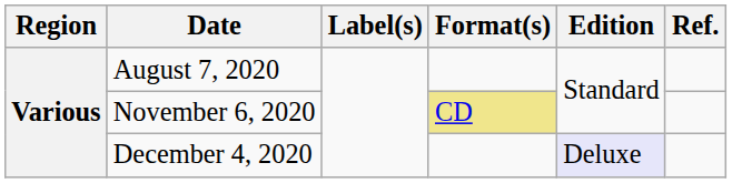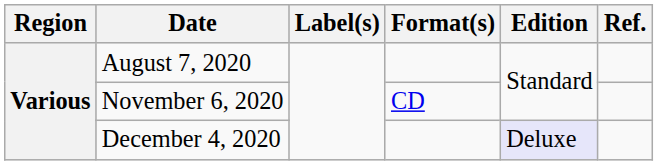 <table class="wikitable plainrowheaders">
 <tr>
 <th scope="col">Region</th>
 <th scope="col">Date</th>
 <th scope="col">Label(s)</th>
 <th scope="col">Format(s)</th>
 <th scope="col">Edition</th>
 <th scope="col">Ref.</th>
 </tr>
 <tr>
 <th scope="row" rowspan="3">Various</th>
 <td>August 7, 2020</td>
 <td rowspan="3"></td>
 <td></td>
 <td rowspan="2">Standard</td>
 <td style="text-align: center"></td>
 </tr>
 <tr>
 <td>November 6, 2020</td>
-<td style="background: khaki;"><a href='#'>CD</a></td>
+<td><a href='#'>CD</a></td>
 <td style="text-align: center"></td>
 </tr>
 <tr>
 <td>December 4, 2020</td>
 <td></td>
 <td style="background: lavender;">Deluxe</td>
 <td style="text-align: center"></td>
 </tr>
 </table>
